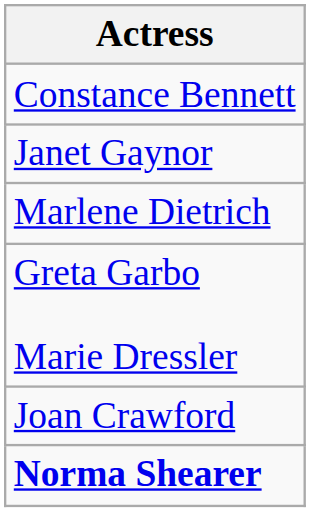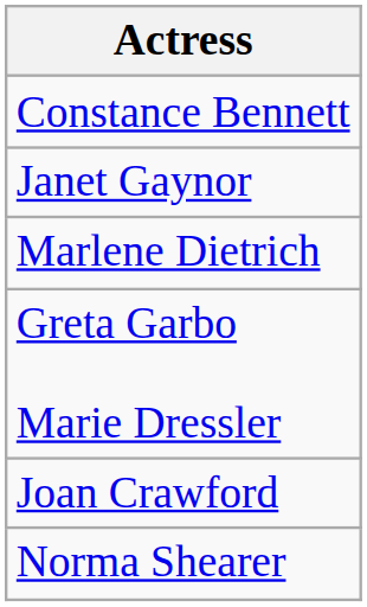 <table class="wikitable">
 <tr>
 <th>Actress</th>
 </tr>
 <tr>
 <td><a href='#'>Constance Bennett</a></td>
 </tr>
 <tr>
 <td><a href='#'>Janet Gaynor</a></td>
 </tr>
 <tr>
 <td><a href='#'>Marlene Dietrich</a></td>
 </tr>
 <tr>
 <td><a href='#'>Greta Garbo</a><br><br><a href='#'>Marie Dressler</a></td>
 </tr>
 <tr>
 <td><a href='#'>Joan Crawford</a></td>
 </tr>
 <tr>
-<td><strong><a href='#'>Norma Shearer</a></strong></td>
+<td><a href='#'>Norma Shearer</a></td>
 </tr>
 </table>
